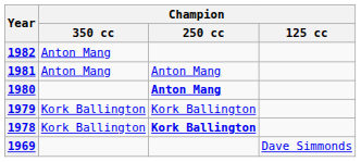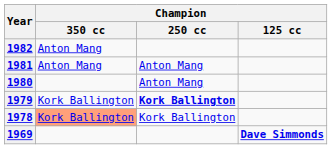 <table class="wikitable">
 <tr>
 <th rowspan=2>Year</th>
 <th colspan=3>Champion</th>
 </tr>
 <tr>
 <th>350 cc</th>
 <th>250 cc</th>
 <th>125 cc</th>
 </tr>
 <tr>
 <th><a href='#'>1982</a></th>
 <td> <a href='#'>Anton Mang</a></td>
 <td></td>
 <td></td>
 </tr>
 <tr>
 <th><a href='#'>1981</a></th>
 <td> <a href='#'>Anton Mang</a></td>
 <td> <a href='#'>Anton Mang</a></td>
 <td></td>
 </tr>
 <tr>
 <th><a href='#'>1980</a></th>
 <td></td>
-<td><strong> <a href='#'>Anton Mang</a></strong></td>
+<td> <a href='#'>Anton Mang</a></td>
 <td></td>
 </tr>
 <tr>
 <th><a href='#'>1979</a></th>
 <td> <a href='#'>Kork Ballington</a></td>
-<td> <a href='#'>Kork Ballington</a></td>
+<td><strong> <a href='#'>Kork Ballington</a></strong></td>
 <td></td>
 </tr>
 <tr>
 <th><a href='#'>1978</a></th>
+<td style="background: lightsalmon;"> <a href='#'>Kork Ballington</a></td>
 <td> <a href='#'>Kork Ballington</a></td>
-<td><strong> <a href='#'>Kork Ballington</a></strong></td>
 <td></td>
 </tr>
 <tr>
 <th><a href='#'>1969</a></th>
 <td></td>
 <td></td>
-<td> <a href='#'>Dave Simmonds</a></td>
+<td><strong> <a href='#'>Dave Simmonds</a></strong></td>
 </tr>
 </table>
